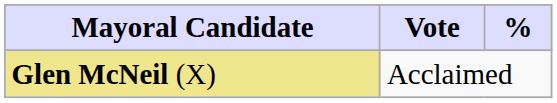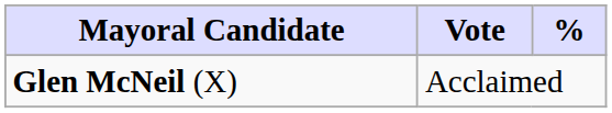 <table class="wikitable">
 <tr>
 <th style="background:#ddf; width:200px;">Mayoral Candidate</th>
 <th style="background:#ddf; width:50px;">Vote</th>
 <th style="background:#ddf; width:30px;">%</th>
 </tr>
 <tr>
-<td style="background: khaki;"><strong>Glen McNeil</strong> (X)</td>
+<td><strong>Glen McNeil</strong> (X)</td>
 <td colspan="2">Acclaimed</td>
 </tr>
 </table>
